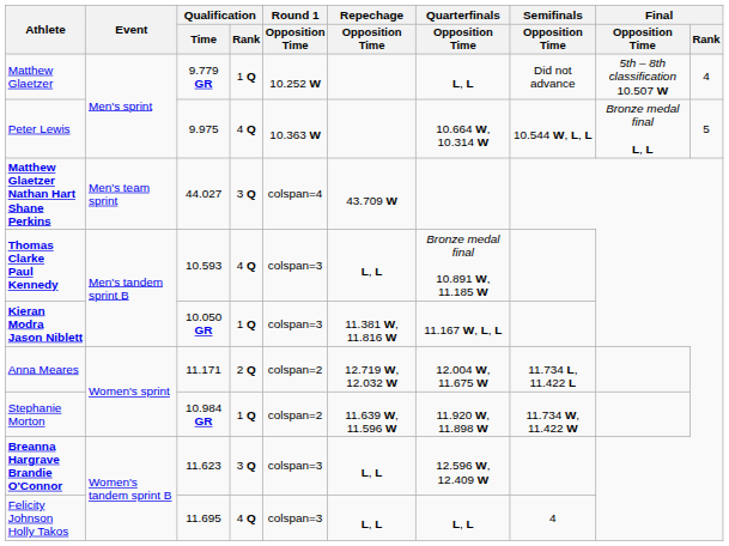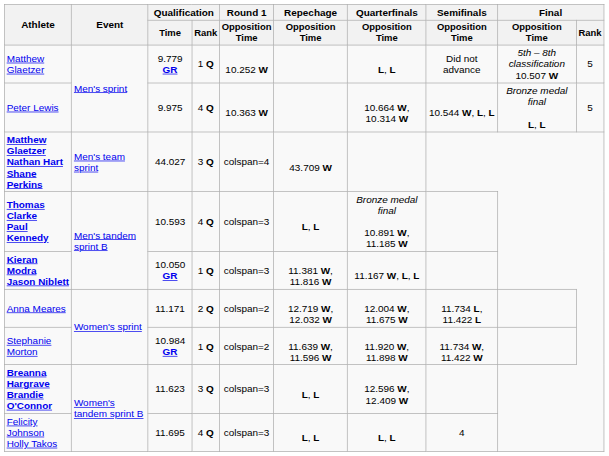 <table class="wikitable" style="font-size:90%;">
 <tr>
 <th rowspan=2>Athlete</th>
 <th rowspan=2>Event</th>
 <th colspan=2>Qualification</th>
 <th>Round 1</th>
 <th>Repechage</th>
 <th>Quarterfinals</th>
 <th>Semifinals</th>
 <th colspan=2>Final</th>
 </tr>
 <tr style="font-size:95%">
 <th>Time</th>
 <th>Rank</th>
 <th>Opposition<br>Time</th>
 <th>Opposition<br>Time</th>
 <th>Opposition<br>Time</th>
 <th>Opposition<br>Time</th>
 <th>Opposition<br>Time</th>
 <th>Rank</th>
 </tr>
 <tr align=center>
 <td align=left><a href='#'>Matthew Glaetzer</a></td>
 <td align=left rowspan=2><a href='#'>Men's sprint</a></td>
 <td>9.779 <a href='#'><strong>GR</strong></a></td>
 <td>1 <strong>Q</strong></td>
 <td><br>10.252 <strong>W</strong></td>
 <td></td>
 <td><br><strong>L</strong>, <strong>L</strong></td>
 <td>Did not advance</td>
 <td><em>5th – 8th classification</em><br>10.507 <strong>W</strong></td>
-<td>4</td>
+<td>5</td>
 </tr>
 <tr align=center>
 <td align=left><a href='#'>Peter Lewis</a></td>
 <td>9.975</td>
 <td>4 <strong>Q</strong></td>
 <td><br>10.363 <strong>W</strong></td>
 <td></td>
 <td><br> 10.664 <strong>W</strong>, 10.314 <strong>W</strong></td>
 <td><br>10.544 <strong>W</strong>, <strong>L</strong>, <strong>L</strong></td>
 <td><em>Bronze medal final</em><br><br><strong>L</strong>, <strong>L</strong></td>
 <td>5</td>
 </tr>
 <tr align=center>
 <td align=left><strong><a href='#'>Matthew Glaetzer</a><br><a href='#'>Nathan Hart</a><br><a href='#'>Shane Perkins</a></strong></td>
 <td align=left><a href='#'>Men's team sprint</a></td>
 <td>44.027</td>
 <td>3 <strong>Q</strong></td>
 <td>colspan=4 </td>
 <td><br>43.709 <strong>W</strong></td>
 <td></td>
 </tr>
 <tr align=center>
 <td align=left><strong><a href='#'>Thomas Clarke</a><br><a href='#'>Paul Kennedy</a></strong></td>
 <td align=left rowspan=2><a href='#'>Men's tandem sprint B</a></td>
 <td>10.593</td>
 <td>4 <strong>Q</strong></td>
 <td>colspan=3 </td>
 <td><br><strong>L</strong>, <strong>L</strong></td>
 <td><em>Bronze medal final</em><br><br>10.891 <strong>W</strong>, 11.185 <strong>W</strong></td>
 <td></td>
 </tr>
 <tr align=center>
 <td align=left><strong><a href='#'>Kieran Modra</a><br><a href='#'>Jason Niblett</a></strong></td>
 <td>10.050 <a href='#'><strong>GR</strong></a></td>
 <td>1 <strong>Q</strong></td>
 <td>colspan=3 </td>
 <td><br>11.381 <strong>W</strong>, 11.816 <strong>W</strong></td>
 <td><br>11.167 <strong>W</strong>, <strong>L</strong>, <strong>L</strong></td>
 <td></td>
 </tr>
 <tr align=center>
 <td align=left><a href='#'>Anna Meares</a></td>
 <td align=left rowspan=2><a href='#'>Women's sprint</a></td>
 <td>11.171</td>
 <td>2 <strong>Q</strong></td>
 <td>colspan=2 </td>
 <td><br>12.719 <strong>W</strong>, 12.032 <strong>W</strong></td>
 <td><br>12.004 <strong>W</strong>, 11.675 <strong>W</strong></td>
 <td><br>11.734 <strong>L</strong>, 11.422 <strong>L</strong></td>
 <td></td>
 </tr>
 <tr align=center>
 <td align=left><a href='#'>Stephanie Morton</a></td>
 <td>10.984 <a href='#'><strong>GR</strong></a></td>
 <td>1 <strong>Q</strong></td>
 <td>colspan=2 </td>
 <td><br>11.639 <strong>W</strong>, 11.596 <strong>W</strong></td>
 <td><br>11.920 <strong>W</strong>, 11.898 <strong>W</strong></td>
 <td><br>11.734 <strong>W</strong>, 11.422 <strong>W</strong></td>
 <td></td>
 </tr>
 <tr align=center>
 <td align=left><strong><a href='#'>Breanna Hargrave</a><br><a href='#'>Brandie O'Connor</a></strong></td>
 <td align=left rowspan=2><a href='#'>Women's tandem sprint B</a></td>
 <td>11.623</td>
 <td>3 <strong>Q</strong></td>
 <td>colspan=3 </td>
 <td><br><strong>L</strong>, <strong>L</strong></td>
 <td><br>12.596 <strong>W</strong>, 12.409 <strong>W</strong></td>
 <td></td>
 </tr>
 <tr align=center>
 <td align=left><a href='#'>Felicity Johnson</a><br><a href='#'>Holly Takos</a></td>
 <td>11.695</td>
 <td>4 <strong>Q</strong></td>
 <td>colspan=3 </td>
 <td><br><strong>L</strong>, <strong>L</strong></td>
 <td><br><strong>L</strong>, <strong>L</strong></td>
 <td>4</td>
 </tr>
 </table>
